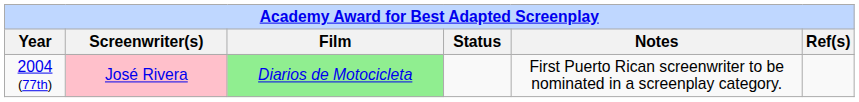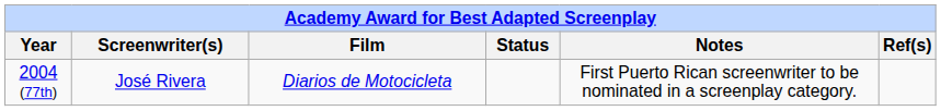 <table class="wikitable" style="text-align: center">
 <tr style="background:#bfd7ff;">
 <td colspan="6" style="text-align:center;"><strong><a href='#'>Academy Award for Best Adapted Screenplay</a></strong></td>
 </tr>
 <tr style="background:#ebf5ff;">
 <th style="width:75px;">Year</th>
 <th style="width:200px;">Screenwriter(s)</th>
 <th style="width:350px;">Film</th>
 <th style="width:75px;">Status</th>
 <th style="width:500px;">Notes</th>
 <th width="3">Ref(s)</th>
 </tr>
 <tr>
 <td style="text-align: center"><a href='#'>2004</a><br><small>(<a href='#'>77th</a>)</small></td>
-<td style="background: pink;"><a href='#'>José Rivera</a></td>
-<td style="background: lightgreen;"><em><a href='#'>Diarios de Motocicleta</a></em></td>
+<td><a href='#'>José Rivera</a></td>
+<td><em><a href='#'>Diarios de Motocicleta</a></em></td>
 <td></td>
 <td>First Puerto Rican screenwriter to be nominated in a screenplay category.</td>
 <td></td>
 </tr>
 </table>
